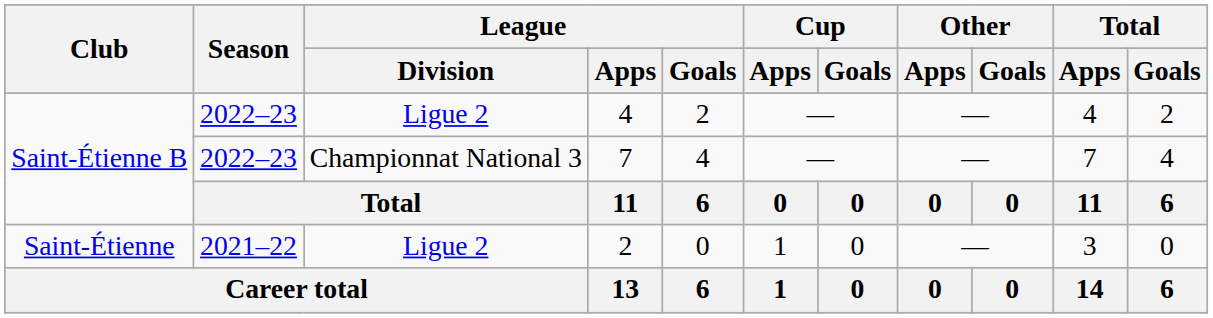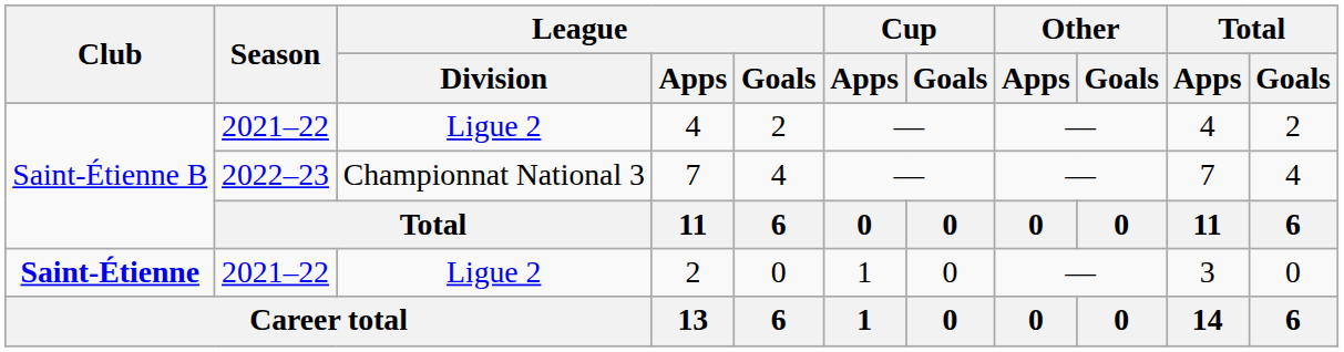 <table class="wikitable" Style="text-align: center">
 <tr>
 <th rowspan="2">Club</th>
 <th rowspan="2">Season</th>
 <th colspan="3">League</th>
 <th colspan="2">Cup</th>
 <th colspan="2">Other</th>
 <th colspan="2">Total</th>
 </tr>
 <tr>
 <th>Division</th>
 <th>Apps</th>
 <th>Goals</th>
 <th>Apps</th>
 <th>Goals</th>
 <th>Apps</th>
 <th>Goals</th>
 <th>Apps</th>
 <th>Goals</th>
 </tr>
 <tr>
 <td rowspan="3"><a href='#'>Saint-Étienne B</a></td>
-<td><a href='#'>2022–23</a></td>
+<td><a href='#'>2021–22</a></td>
 <td><a href='#'>Ligue 2</a></td>
 <td>4</td>
 <td>2</td>
 <td colspan="2">—</td>
 <td colspan="2">—</td>
 <td>4</td>
 <td>2</td>
 </tr>
 <tr>
 <td><a href='#'>2022–23</a></td>
 <td>Championnat National 3</td>
 <td>7</td>
 <td>4</td>
 <td colspan="2">—</td>
 <td colspan="2">—</td>
 <td>7</td>
 <td>4</td>
 </tr>
 <tr>
 <th colspan="2">Total</th>
 <th>11</th>
 <th>6</th>
 <th>0</th>
 <th>0</th>
 <th>0</th>
 <th>0</th>
 <th>11</th>
 <th>6</th>
 </tr>
 <tr>
-<td><a href='#'>Saint-Étienne</a></td>
+<td><strong><a href='#'>Saint-Étienne</a></strong></td>
 <td><a href='#'>2021–22</a></td>
 <td><a href='#'>Ligue 2</a></td>
 <td>2</td>
 <td>0</td>
 <td>1</td>
 <td>0</td>
 <td colspan="2">—</td>
 <td>3</td>
 <td>0</td>
 </tr>
 <tr>
 <th colspan="3">Career total</th>
 <th>13</th>
 <th>6</th>
 <th>1</th>
 <th>0</th>
 <th>0</th>
 <th>0</th>
 <th>14</th>
 <th>6</th>
 </tr>
 </table>
